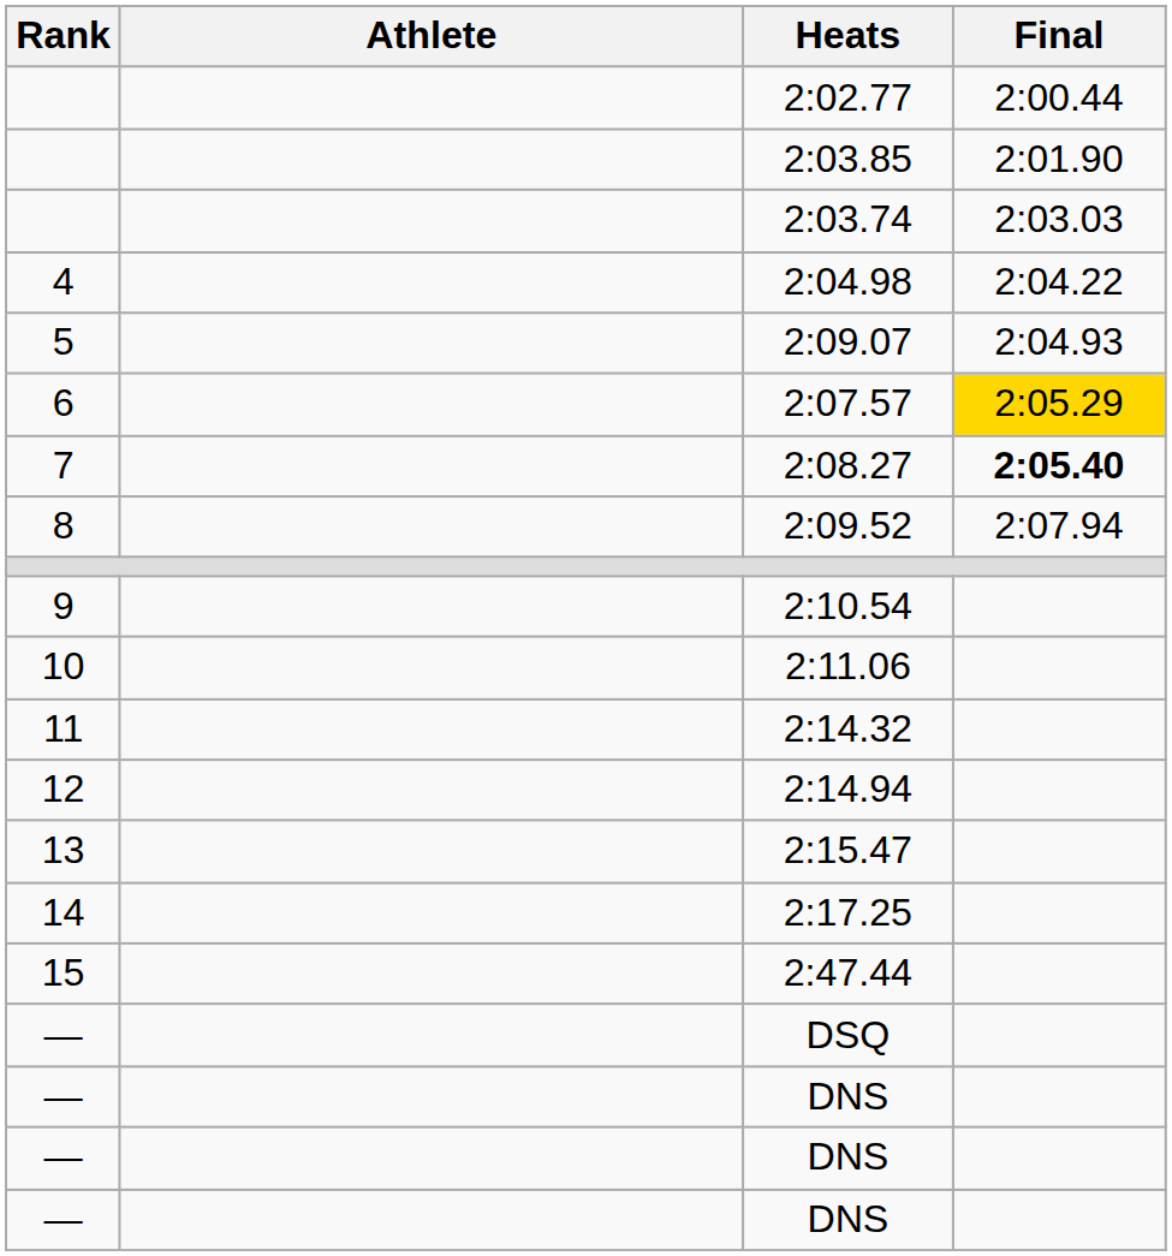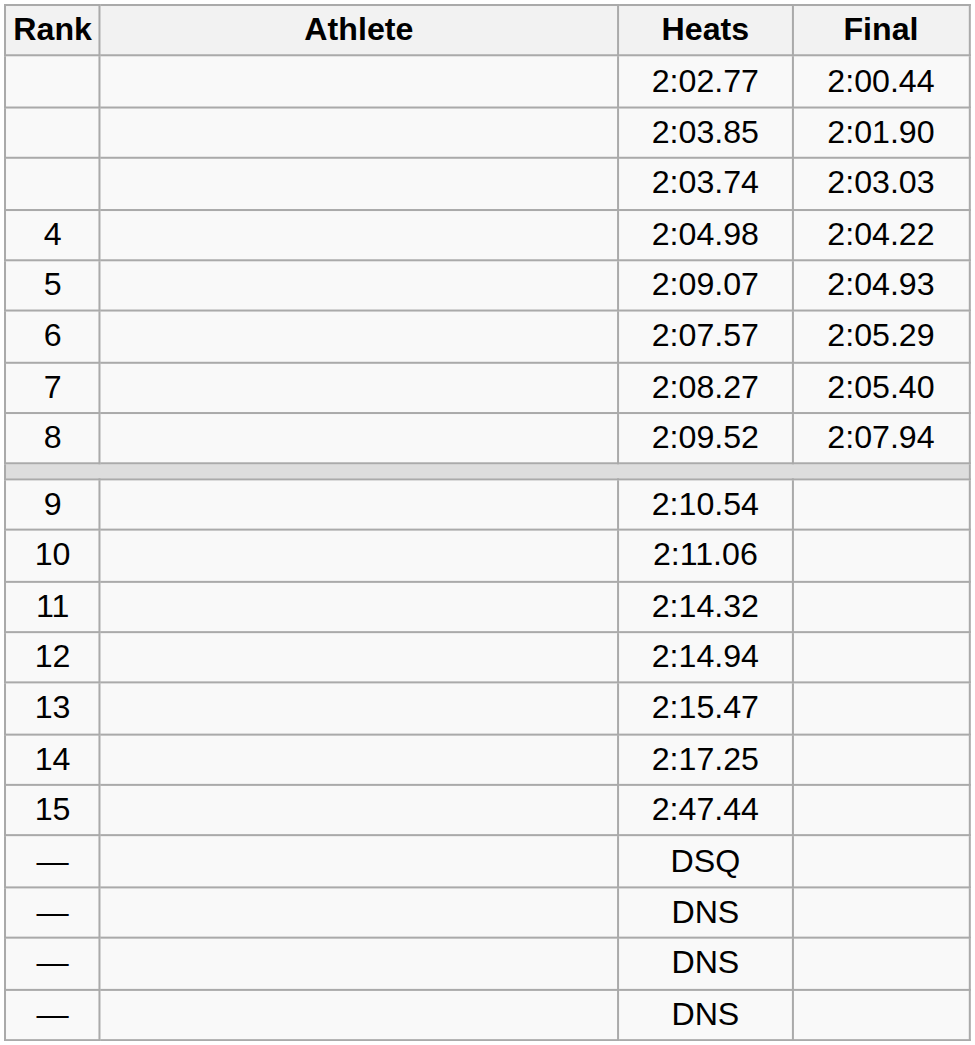 <table class=wikitable style="text-align:center">
 <tr>
 <th width=40>Rank</th>
 <th width=250>Athlete</th>
 <th width=80>Heats</th>
 <th width=80>Final</th>
 </tr>
 <tr>
 <td></td>
 <td align=left></td>
 <td>2:02.77</td>
 <td>2:00.44</td>
 </tr>
 <tr>
 <td></td>
 <td align=left></td>
 <td>2:03.85</td>
 <td>2:01.90</td>
 </tr>
 <tr>
 <td></td>
 <td align=left></td>
 <td>2:03.74</td>
 <td>2:03.03</td>
 </tr>
 <tr>
 <td>4</td>
 <td align=left></td>
 <td>2:04.98</td>
 <td>2:04.22</td>
 </tr>
 <tr>
 <td>5</td>
 <td align=left></td>
 <td>2:09.07</td>
 <td>2:04.93</td>
 </tr>
 <tr>
 <td>6</td>
 <td align=left></td>
 <td>2:07.57</td>
-<td style="background: gold;">2:05.29</td>
+<td>2:05.29</td>
 </tr>
 <tr>
 <td>7</td>
 <td align=left></td>
 <td>2:08.27</td>
-<td><strong>2:05.40</strong></td>
+<td>2:05.40</td>
 </tr>
 <tr>
 <td>8</td>
 <td align=left></td>
 <td>2:09.52</td>
 <td>2:07.94</td>
 </tr>
 <tr bgcolor=#DDDDDD>
 <td colspan=4></td>
 </tr>
 <tr>
 <td>9</td>
 <td align=left></td>
 <td>2:10.54</td>
 <td></td>
 </tr>
 <tr>
 <td>10</td>
 <td align=left></td>
 <td>2:11.06</td>
 <td></td>
 </tr>
 <tr>
 <td>11</td>
 <td align=left></td>
 <td>2:14.32</td>
 <td></td>
 </tr>
 <tr>
 <td>12</td>
 <td align=left></td>
 <td>2:14.94</td>
 <td></td>
 </tr>
 <tr>
 <td>13</td>
 <td align=left></td>
 <td>2:15.47</td>
 <td></td>
 </tr>
 <tr>
 <td>14</td>
 <td align=left></td>
 <td>2:17.25</td>
 <td></td>
 </tr>
 <tr>
 <td>15</td>
 <td align=left></td>
 <td>2:47.44</td>
 <td></td>
 </tr>
 <tr>
 <td>—</td>
 <td align=left></td>
 <td>DSQ</td>
 <td></td>
 </tr>
 <tr>
 <td>—</td>
 <td align=left></td>
 <td>DNS</td>
 <td></td>
 </tr>
 <tr>
 <td>—</td>
 <td align=left></td>
 <td>DNS</td>
 <td></td>
 </tr>
 <tr>
 <td>—</td>
 <td align=left></td>
 <td>DNS</td>
 <td></td>
 </tr>
 </table>
